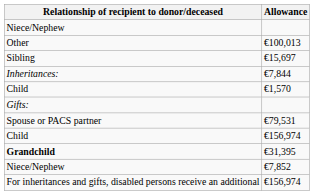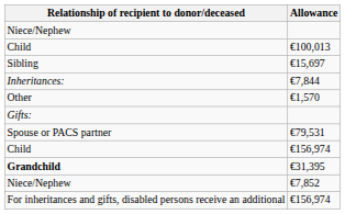 <table class="wikitable">
 <tr>
 <th>Relationship of recipient to donor/deceased</th>
 <th>Allowance</th>
 </tr>
 <tr>
 <td>Niece/Nephew</td>
 <td></td>
 </tr>
 <tr>
-<td>Other</td>
+<td>Child</td>
 <td>€100,013</td>
 </tr>
 <tr>
 <td>Sibling</td>
 <td>€15,697</td>
 </tr>
 <tr>
 <td><em>Inheritances:</em></td>
 <td>€7,844</td>
 </tr>
 <tr>
-<td>Child</td>
+<td>Other</td>
 <td>€1,570</td>
 </tr>
 <tr>
 <td><em>Gifts:</em></td>
 <td></td>
 </tr>
 <tr>
 <td>Spouse or PACS partner</td>
 <td>€79,531</td>
 </tr>
 <tr>
 <td>Child</td>
 <td>€156,974</td>
 </tr>
 <tr>
 <td><strong>Grandchild</strong></td>
 <td>€31,395</td>
 </tr>
 <tr>
 <td>Niece/Nephew</td>
 <td>€7,852</td>
 </tr>
 <tr>
 <td>For inheritances and gifts, disabled persons receive an additional</td>
 <td>€156,974</td>
 </tr>
 </table>
